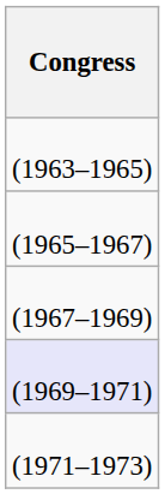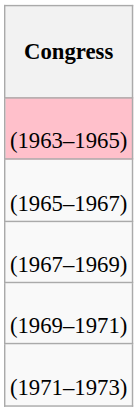 <table class="wikitable" style="float:left; margin:0; margin-right:-0.5px; margin-top:14px; text-align:center;">
 <tr style="white-space:nowrap; height:4.06em;">
 <th>Congress</th>
 </tr>
 <tr style="white-space:nowrap;">
-<td><strong></strong><br>(1963–1965)</td>
+<td style="background: pink;"><strong></strong><br>(1963–1965)</td>
 </tr>
 <tr style="white-space:nowrap;">
 <td><strong></strong><br>(1965–1967)</td>
 </tr>
 <tr style="white-space:nowrap;">
 <td><strong></strong><br>(1967–1969)</td>
 </tr>
 <tr style="white-space:nowrap;">
-<td style="background: lavender;"><strong></strong><br>(1969–1971)</td>
+<td><strong></strong><br>(1969–1971)</td>
 </tr>
 <tr style="white-space:nowrap;">
 <td><strong></strong><br>(1971–1973)</td>
 </tr>
 </table>
